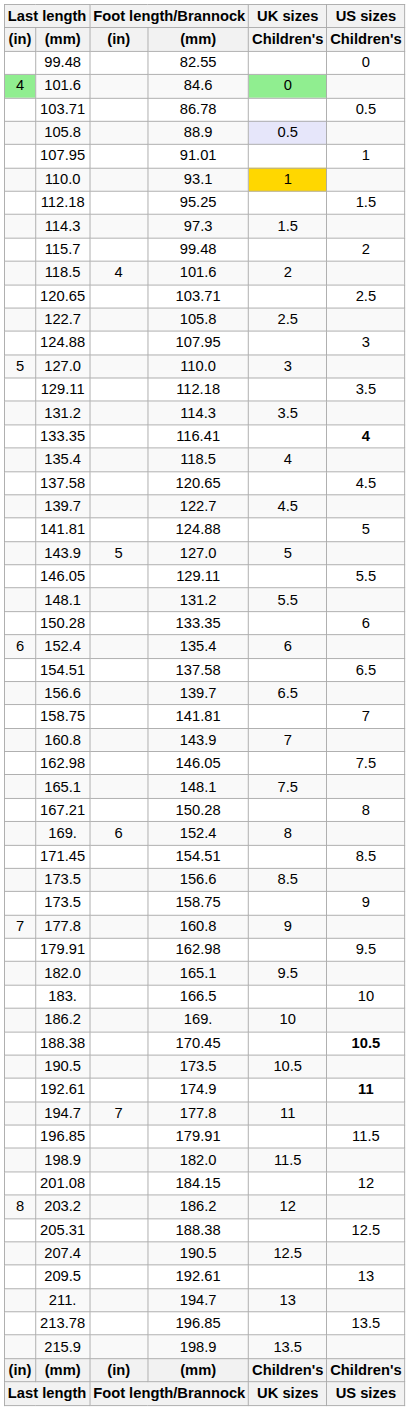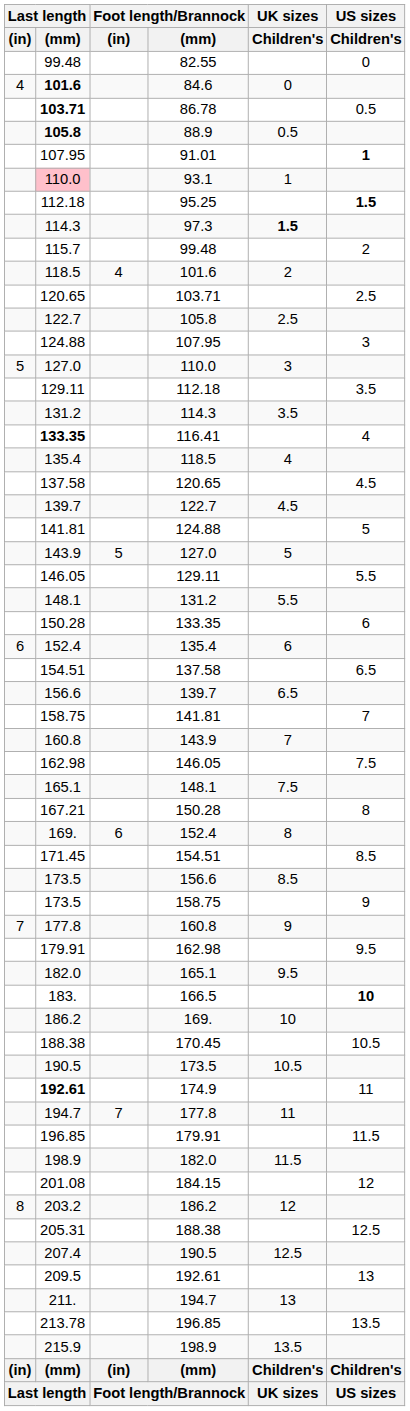 <table class="wikitable sortable" style="text-align:center; align:right">
 <tr>
 <th colspan=2>Last length</th>
 <th colspan=2>Foot length/Brannock</th>
 <th>UK sizes</th>
 <th>US sizes</th>
 </tr>
 <tr>
 <th data-sort-type="number">(in)</th>
 <th class="unsortable">(mm)</th>
 <th class="unsortable">(in)</th>
 <th class="unsortable">(mm)</th>
 <th class="unsortable">Children's</th>
 <th class="unsortable">Children's</th>
 </tr>
 <tr style="background:white;">
 <td data-sort-value="3.917"></td>
 <td>99.48</td>
 <td data-sort-value="3.25"></td>
 <td>82.55</td>
 <td></td>
 <td>0</td>
 </tr>
 <tr>
-<td style="background: lightgreen;">4</td>
-<td>101.6</td>
+<td>4</td>
+<td><strong>101.6</strong></td>
 <td data-sort-value="3.333"></td>
 <td>84.6</td>
-<td style="background: lightgreen;">0</td>
+<td>0</td>
 </tr>
 <tr style="background:white;">
 <td data-sort-value="4.083"></td>
-<td>103.71</td>
+<td><strong>103.71</strong></td>
 <td data-sort-value="3.417"></td>
 <td>86.78</td>
 <td></td>
 <td>0.5</td>
 </tr>
 <tr>
 <td data-sort-value="4.167"></td>
-<td>105.8</td>
+<td><strong>105.8</strong></td>
 <td data-sort-value="3.5"></td>
 <td>88.9</td>
-<td style="background: lavender;">0.5</td>
+<td>0.5</td>
 </tr>
 <tr style="background:white;">
 <td data-sort-value="4.25"></td>
 <td>107.95</td>
 <td data-sort-value="3.583"></td>
 <td>91.01</td>
 <td></td>
-<td>1</td>
+<td><strong>1</strong></td>
 </tr>
 <tr>
 <td data-sort-value="4.333"></td>
-<td>110.0</td>
+<td style="background: pink;">110.0</td>
 <td data-sort-value="3.667"></td>
 <td>93.1</td>
-<td style="background: gold;">1</td>
+<td>1</td>
 </tr>
 <tr style="background:white;">
 <td data-sort-value="4.417"></td>
 <td>112.18</td>
 <td data-sort-value="3.75"></td>
 <td>95.25</td>
 <td></td>
-<td>1.5</td>
+<td><strong>1.5</strong></td>
 </tr>
 <tr>
 <td data-sort-value="4.5"></td>
 <td>114.3</td>
 <td data-sort-value="3.833"></td>
 <td>97.3</td>
-<td>1.5</td>
+<td><strong>1.5</strong></td>
 </tr>
 <tr style="background:white;">
 <td data-sort-value="4.583"></td>
 <td>115.7</td>
 <td data-sort-value="3.917"></td>
 <td>99.48</td>
 <td></td>
 <td>2</td>
 </tr>
 <tr>
 <td data-sort-value="4.666"></td>
 <td>118.5</td>
 <td>4</td>
 <td>101.6</td>
 <td>2</td>
 </tr>
 <tr style="background:white;">
 <td data-sort-value="4.75"></td>
 <td>120.65</td>
 <td data-sort-value="4.083"></td>
 <td>103.71</td>
 <td></td>
 <td>2.5</td>
 </tr>
 <tr>
 <td data-sort-value="4.833"></td>
 <td>122.7</td>
 <td data-sort-value="4.167"></td>
 <td>105.8</td>
 <td>2.5</td>
 </tr>
 <tr style="background:white;">
 <td data-sort-value="4.917"></td>
 <td>124.88</td>
 <td data-sort-value="4.25"></td>
 <td>107.95</td>
 <td></td>
 <td>3</td>
 </tr>
 <tr>
 <td>5</td>
 <td>127.0</td>
 <td data-sort-value="4.333"></td>
 <td>110.0</td>
 <td>3</td>
 </tr>
 <tr style="background:white;">
 <td data-sort-value="5.083"></td>
 <td>129.11</td>
 <td data-sort-value="4.417"></td>
 <td>112.18</td>
 <td></td>
 <td>3.5</td>
 </tr>
 <tr>
 <td data-sort-value="5.167"></td>
 <td>131.2</td>
 <td data-sort-value="4.5"></td>
 <td>114.3</td>
 <td>3.5</td>
 </tr>
 <tr style="background:white;">
 <td data-sort-value="5.25"></td>
-<td>133.35</td>
+<td><strong>133.35</strong></td>
 <td data-sort-value="4.583"></td>
 <td>116.41</td>
 <td></td>
-<td><strong>4</strong></td>
+<td>4</td>
 </tr>
 <tr>
 <td data-sort-value="5.333"></td>
 <td>135.4</td>
 <td data-sort-value="4.667"></td>
 <td>118.5</td>
 <td>4</td>
 </tr>
 <tr style="background:white;">
 <td data-sort-value="5.417"></td>
 <td>137.58</td>
 <td data-sort-value="4.75"></td>
 <td>120.65</td>
 <td></td>
 <td>4.5</td>
 </tr>
 <tr>
 <td data-sort-value="5.5"></td>
 <td>139.7</td>
 <td data-sort-value="4.833"></td>
 <td>122.7</td>
 <td>4.5</td>
 </tr>
 <tr style="background:white;">
 <td data-sort-value="5.583"></td>
 <td>141.81</td>
 <td data-sort-value="4.917"></td>
 <td>124.88</td>
 <td></td>
 <td>5</td>
 </tr>
 <tr>
 <td data-sort-value="5.667"></td>
 <td>143.9</td>
 <td>5</td>
 <td>127.0</td>
 <td>5</td>
 </tr>
 <tr style="background:white;">
 <td data-sort-value="5.75"></td>
 <td>146.05</td>
 <td data-sort-value="5.083"></td>
 <td>129.11</td>
 <td></td>
 <td>5.5</td>
 </tr>
 <tr>
 <td data-sort-value="5.833"></td>
 <td>148.1</td>
 <td data-sort-value="5.167"></td>
 <td>131.2</td>
 <td>5.5</td>
 </tr>
 <tr style="background:white;">
 <td data-sort-value="5.917"></td>
 <td>150.28</td>
 <td data-sort-value="5.25"></td>
 <td>133.35</td>
 <td></td>
 <td>6</td>
 </tr>
 <tr>
 <td>6</td>
 <td>152.4</td>
 <td data-sort-value="5.333"></td>
 <td>135.4</td>
 <td>6</td>
 </tr>
 <tr style="background:white;">
 <td data-sort-value="6.083"></td>
 <td>154.51</td>
 <td data-sort-value="5.417"></td>
 <td>137.58</td>
 <td></td>
 <td>6.5</td>
 </tr>
 <tr>
 <td data-sort-value="6.167"></td>
 <td>156.6</td>
 <td data-sort-value="5.5"></td>
 <td>139.7</td>
 <td>6.5</td>
 </tr>
 <tr style="background:white;">
 <td data-sort-value="6.25"></td>
 <td>158.75</td>
 <td data-sort-value="5.556"></td>
 <td>141.81</td>
 <td></td>
 <td>7</td>
 </tr>
 <tr>
 <td data-sort-value="6.333"></td>
 <td>160.8</td>
 <td data-sort-value="5.667"></td>
 <td>143.9</td>
 <td>7</td>
 </tr>
 <tr style="background:white;">
 <td data-sort-value="6.389"></td>
 <td>162.98</td>
 <td data-sort-value="5.75"></td>
 <td>146.05</td>
 <td></td>
 <td>7.5</td>
 </tr>
 <tr>
 <td data-sort-value="6.5"></td>
 <td>165.1</td>
 <td data-sort-value="5.833"></td>
 <td>148.1</td>
 <td>7.5</td>
 </tr>
 <tr style="background:white;">
 <td data-sort-value="6.583"></td>
 <td>167.21</td>
 <td data-sort-value="5.917"></td>
 <td>150.28</td>
 <td></td>
 <td>8</td>
 </tr>
 <tr>
 <td data-sort-value="6.667"></td>
 <td>169.</td>
 <td>6</td>
 <td>152.4</td>
 <td>8</td>
 </tr>
 <tr style="background:white;">
 <td data-sort-value="6.75"></td>
 <td>171.45</td>
 <td data-sort-value="6.056"></td>
 <td>154.51</td>
 <td></td>
 <td>8.5</td>
 </tr>
 <tr>
 <td data-sort-value="6.833"></td>
 <td>173.5</td>
 <td data-sort-value="6.167"></td>
 <td>156.6</td>
 <td>8.5</td>
 </tr>
 <tr style="background:white;">
 <td data-sort-value="6.917"></td>
 <td>173.5</td>
 <td data-sort-value="6.25"></td>
 <td>158.75</td>
 <td></td>
 <td>9</td>
 </tr>
 <tr>
 <td>7</td>
 <td>177.8</td>
 <td data-sort-value="6.333"></td>
 <td>160.8</td>
 <td>9</td>
 </tr>
 <tr style="background:white;">
 <td data-sort-value="7.083"></td>
 <td>179.91</td>
 <td data-sort-value="6.417"></td>
 <td>162.98</td>
 <td></td>
 <td>9.5</td>
 </tr>
 <tr>
 <td data-sort-value="7.167"></td>
 <td>182.0</td>
 <td data-sort-value="6.5"></td>
 <td>165.1</td>
 <td>9.5</td>
 </tr>
 <tr style="background:white;">
 <td data-sort-value="7.25"></td>
 <td>183.</td>
 <td data-sort-value="6.556"></td>
 <td>166.5</td>
 <td></td>
-<td>10</td>
+<td><strong>10</strong></td>
 </tr>
 <tr>
 <td data-sort-value="7.333"></td>
 <td>186.2</td>
 <td data-sort-value="6.667"></td>
 <td>169.</td>
 <td>10</td>
 </tr>
 <tr style="background:white;">
 <td data-sort-value="7.417"></td>
 <td>188.38</td>
 <td data-sort-value="6.75"></td>
 <td>170.45</td>
 <td></td>
-<td><strong>10.5</strong></td>
+<td>10.5</td>
 </tr>
 <tr>
 <td data-sort-value="7.5"></td>
 <td>190.5</td>
 <td data-sort-value="6.833"></td>
 <td>173.5</td>
 <td>10.5</td>
 </tr>
 <tr style="background:white;">
 <td data-sort-value="7.583"></td>
-<td>192.61</td>
+<td><strong>192.61</strong></td>
 <td data-sort-value="6.917"></td>
 <td>174.9</td>
 <td></td>
-<td><strong>11</strong></td>
+<td>11</td>
 </tr>
 <tr>
 <td data-sort-value="7.667"></td>
 <td>194.7</td>
 <td>7</td>
 <td>177.8</td>
 <td>11</td>
 </tr>
 <tr style="background:white;">
 <td data-sort-value="7.75"></td>
 <td>196.85</td>
 <td data-sort-value="7.083"></td>
 <td>179.91</td>
 <td></td>
 <td>11.5</td>
 </tr>
 <tr>
 <td data-sort-value="7.833"></td>
 <td>198.9</td>
 <td data-sort-value="7.167"></td>
 <td>182.0</td>
 <td>11.5</td>
 </tr>
 <tr style="background:white;">
 <td data-sort-value="7.917"></td>
 <td>201.08</td>
 <td data-sort-value="7.25"></td>
 <td>184.15</td>
 <td></td>
 <td>12</td>
 </tr>
 <tr>
 <td>8</td>
 <td>203.2</td>
 <td data-sort-value="7.333"></td>
 <td>186.2</td>
 <td>12</td>
 <td></td>
 </tr>
 <tr style="background:white;">
 <td data-sort-value="8.083"></td>
 <td>205.31</td>
 <td data-sort-value="7.417"></td>
 <td>188.38</td>
 <td></td>
 <td>12.5</td>
 </tr>
 <tr>
 <td data-sort-value="8.167"></td>
 <td>207.4</td>
 <td data-sort-value="7.5"></td>
 <td>190.5</td>
 <td>12.5</td>
 <td></td>
 </tr>
 <tr style="background:white;">
 <td data-sort-value="8.25"></td>
 <td>209.5</td>
 <td data-sort-value="7.583"></td>
 <td>192.61</td>
 <td></td>
 <td>13</td>
 </tr>
 <tr>
 <td data-sort-value="8.333"></td>
 <td>211.</td>
 <td data-sort-value="7.667"></td>
 <td>194.7</td>
 <td>13</td>
 </tr>
 <tr style="background:white;">
 <td data-sort-value="8.467"></td>
 <td>213.78</td>
 <td data-sort-value="7.75"></td>
 <td>196.85</td>
 <td></td>
 <td>13.5</td>
 </tr>
 <tr>
 <td data-sort-value="8.5"></td>
 <td>215.9</td>
 <td data-sort-value="7.75"></td>
 <td>198.9</td>
 <td>13.5</td>
 <td></td>
 </tr>
 <tr>
 <th data-sort-type="number">(in)</th>
 <th class="unsortable">(mm)</th>
 <th class="unsortable">(in)</th>
 <th class="unsortable">(mm)</th>
 <th class="unsortable">Children's</th>
 <th class="unsortable">Children's</th>
 </tr>
 <tr>
 <th colspan=2>Last length</th>
 <th colspan=2>Foot length/Brannock</th>
 <th>UK sizes</th>
 <th>US sizes</th>
 </tr>
 </table>
